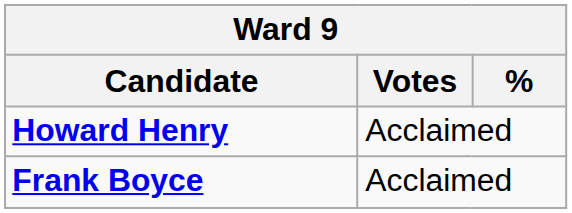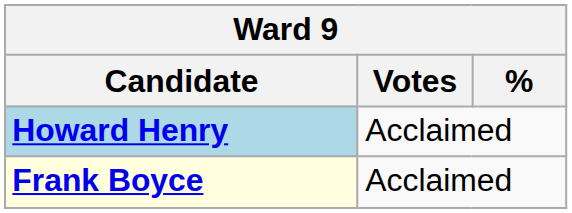 <table class="wikitable">
 <tr>
 <th colspan="3">Ward 9</th>
 </tr>
 <tr>
 <th style="width: 170px">Candidate</th>
 <th style="width: 50px">Votes</th>
 <th style="width: 40px">%</th>
 </tr>
 <tr>
-<td><strong><a href='#'>Howard Henry</a></strong></td>
+<td style="background: lightblue;"><strong><a href='#'>Howard Henry</a></strong></td>
 <td colspan="2">Acclaimed</td>
 </tr>
 <tr>
-<td><strong><a href='#'>Frank Boyce</a></strong></td>
+<td style="background: lightyellow;"><strong><a href='#'>Frank Boyce</a></strong></td>
 <td colspan="2">Acclaimed</td>
 </tr>
 </table>
